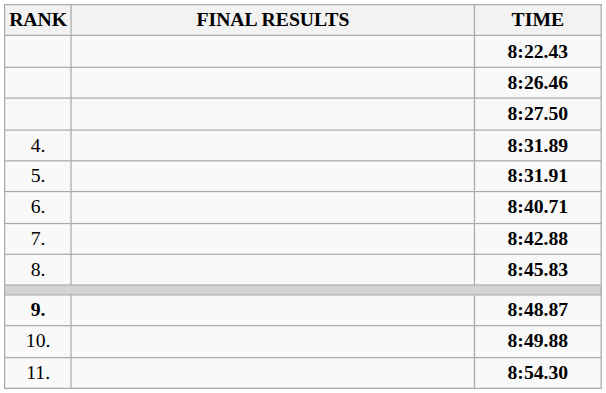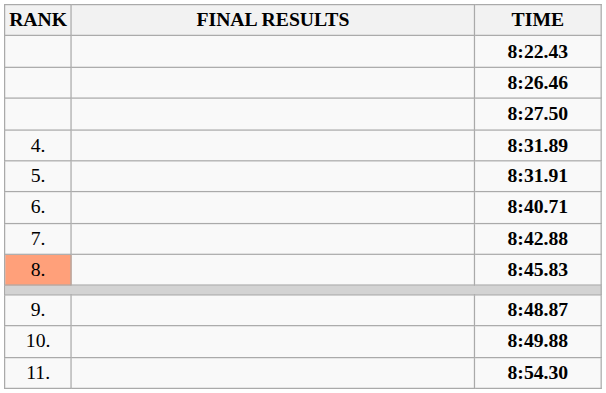 <table class="wikitable">
 <tr>
 <th>RANK</th>
 <th style="width: 20em">FINAL RESULTS</th>
 <th style="width: 6em">TIME</th>
 </tr>
 <tr>
 <td align="center"></td>
 <td></td>
 <td align="center"><strong>8:22.43</strong></td>
 </tr>
 <tr>
 <td align="center"></td>
 <td></td>
 <td align="center"><strong>8:26.46</strong></td>
 </tr>
 <tr>
 <td align="center"></td>
 <td></td>
 <td align="center"><strong>8:27.50</strong></td>
 </tr>
 <tr>
 <td align="center">4.</td>
 <td></td>
 <td align="center"><strong>8:31.89</strong></td>
 </tr>
 <tr>
 <td align="center">5.</td>
 <td></td>
 <td align="center"><strong>8:31.91</strong></td>
 </tr>
 <tr>
 <td align="center">6.</td>
 <td></td>
 <td align="center"><strong>8:40.71</strong></td>
 </tr>
 <tr>
 <td align="center">7.</td>
 <td></td>
 <td align="center"><strong>8:42.88</strong></td>
 </tr>
 <tr>
-<td align="center">8.</td>
+<td align="center" style="background: lightsalmon;">8.</td>
 <td></td>
 <td align="center"><strong>8:45.83</strong></td>
 </tr>
 <tr>
 <td colspan=3 bgcolor=lightgray></td>
 </tr>
 <tr>
-<td align="center"><strong>9.</strong></td>
+<td align="center">9.</td>
 <td></td>
 <td align="center"><strong>8:48.87</strong></td>
 </tr>
 <tr>
 <td align="center">10.</td>
 <td></td>
 <td align="center"><strong>8:49.88</strong></td>
 </tr>
 <tr>
 <td align="center">11.</td>
 <td></td>
 <td align="center"><strong>8:54.30</strong></td>
 </tr>
 </table>
